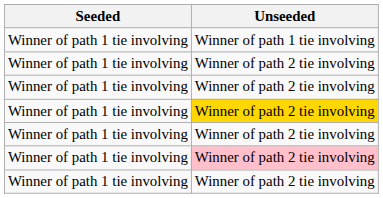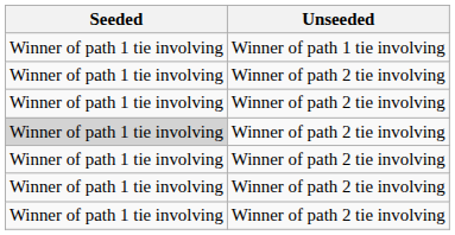 <table class="wikitable">
 <tr>
 <th>Seeded</th>
 <th>Unseeded</th>
 </tr>
 <tr>
 <td>Winner of path 1 tie involving </td>
 <td>Winner of path 1 tie involving </td>
 </tr>
 <tr>
 <td>Winner of path 1 tie involving </td>
 <td>Winner of path 2 tie involving </td>
 </tr>
 <tr>
 <td>Winner of path 1 tie involving </td>
 <td>Winner of path 2 tie involving </td>
 </tr>
 <tr>
-<td>Winner of path 1 tie involving </td>
-<td style="background: gold;">Winner of path 2 tie involving </td>
+<td style="background: lightgrey;">Winner of path 1 tie involving </td>
+<td>Winner of path 2 tie involving </td>
 </tr>
 <tr>
 <td>Winner of path 1 tie involving </td>
 <td>Winner of path 2 tie involving </td>
 </tr>
 <tr>
 <td>Winner of path 1 tie involving </td>
-<td style="background: pink;">Winner of path 2 tie involving </td>
+<td>Winner of path 2 tie involving </td>
 </tr>
 <tr>
 <td>Winner of path 1 tie involving </td>
 <td>Winner of path 2 tie involving </td>
 </tr>
 </table>
